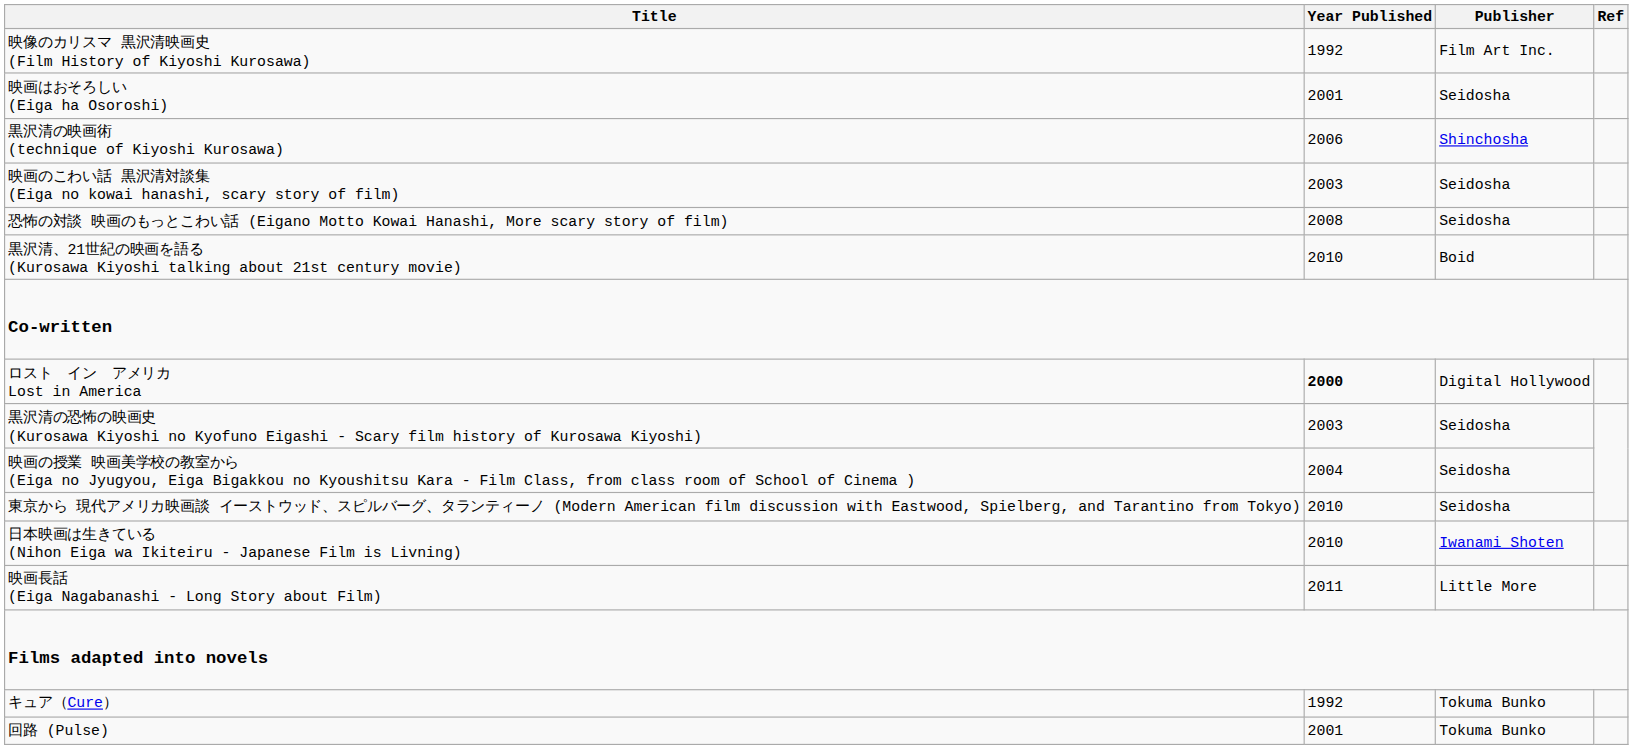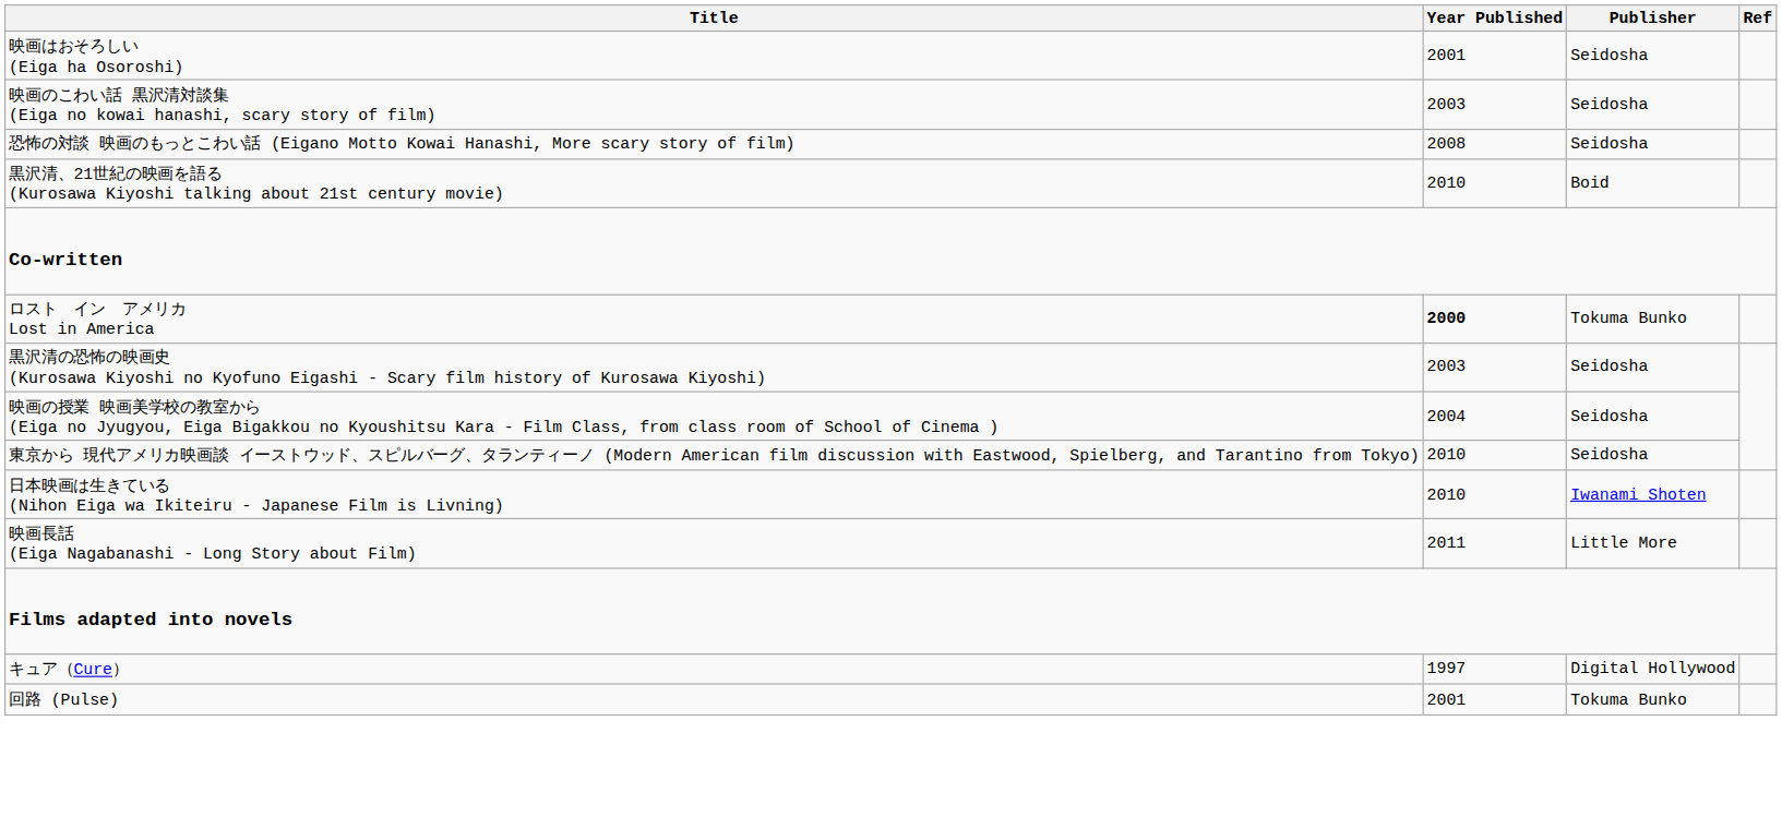 <table class="wikitable">
 <tr>
 <th>Title</th>
 <th>Year Published</th>
 <th>Publisher</th>
 <th>Ref</th>
 </tr>
 <tr>
-<td>映像のカリスマ 黒沢清映画史<br>(Film History of Kiyoshi Kurosawa)</td>
-<td>1992</td>
-<td>Film Art Inc.</td>
-<td></td>
-</tr>
-<tr>
 <td>映画はおそろしい<br>(Eiga ha Osoroshi)</td>
 <td>2001</td>
 <td>Seidosha</td>
-<td></td>
-</tr>
-<tr>
-<td>黒沢清の映画術<br>(technique of Kiyoshi Kurosawa)</td>
-<td>2006</td>
-<td><a href='#'>Shinchosha</a></td>
 <td></td>
 </tr>
 <tr>
 <td>映画のこわい話 黒沢清対談集<br>(Eiga no kowai hanashi, scary story of film)</td>
 <td>2003</td>
 <td>Seidosha</td>
 <td></td>
 </tr>
 <tr>
 <td>恐怖の対談 映画のもっとこわい話 (Eigano Motto Kowai Hanashi, More scary story of film)</td>
 <td>2008</td>
 <td>Seidosha</td>
 <td></td>
 </tr>
 <tr>
 <td>黒沢清、21世紀の映画を語る<br>(Kurosawa Kiyoshi talking about 21st century movie)</td>
 <td>2010</td>
 <td>Boid</td>
 <td></td>
 </tr>
 <tr>
 <td colspan="4"><br><h3>Co-written</h3></td>
 </tr>
 <tr>
 <td>ロスト　イン　アメリカ<br>Lost in America</td>
 <td><strong>2000</strong></td>
-<td>Digital Hollywood</td>
+<td>Tokuma Bunko</td>
 <td></td>
 </tr>
 <tr>
 <td>黒沢清の恐怖の映画史<br>(Kurosawa Kiyoshi no Kyofuno Eigashi - Scary film history of Kurosawa Kiyoshi)</td>
 <td>2003</td>
 <td>Seidosha</td>
 <td rowspan="3"></td>
 </tr>
 <tr>
 <td>映画の授業 映画美学校の教室から<br>(Eiga no Jyugyou, Eiga Bigakkou no Kyoushitsu Kara - Film Class, from class room of  School of Cinema )</td>
 <td>2004</td>
 <td>Seidosha</td>
 </tr>
 <tr>
 <td>東京から 現代アメリカ映画談 イーストウッド、スピルバーグ、タランティーノ (Modern American film discussion with Eastwood, Spielberg, and Tarantino from Tokyo)</td>
 <td>2010</td>
 <td>Seidosha</td>
 </tr>
 <tr>
 <td>日本映画は生きている<br>(Nihon Eiga wa Ikiteiru - Japanese Film is Livning)</td>
 <td>2010</td>
 <td><a href='#'>Iwanami Shoten</a></td>
 <td></td>
 </tr>
 <tr>
 <td>映画長話<br>(Eiga Nagabanashi - Long Story about Film)</td>
 <td>2011</td>
 <td>Little More</td>
 <td></td>
 </tr>
 <tr>
 <td colspan="4"><br><h3>Films adapted into novels</h3></td>
 </tr>
 <tr>
 <td>キュア（<a href='#'>Cure</a>）</td>
-<td>1992</td>
-<td>Tokuma Bunko</td>
+<td>1997</td>
+<td>Digital Hollywood</td>
 <td></td>
 </tr>
 <tr>
 <td>回路 (Pulse)</td>
 <td>2001</td>
 <td>Tokuma Bunko</td>
 <td></td>
 </tr>
 </table>
